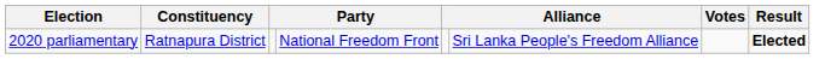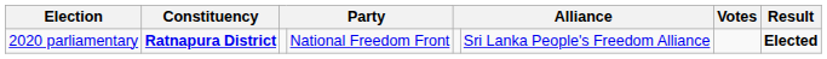 <table class="wikitable" style="text-align:left;">
 <tr>
 <th scope=col>Election</th>
 <th scope=col>Constituency</th>
 <th scope=col colspan="2">Party</th>
 <th scope=col colspan="2">Alliance</th>
 <th scope=col>Votes</th>
 <th scope=col>Result</th>
 </tr>
 <tr>
 <td><a href='#'>2020 parliamentary</a></td>
-<td><a href='#'>Ratnapura District</a></td>
+<td><strong><a href='#'>Ratnapura District</a></strong></td>
 <td style="background:"></td>
 <td><a href='#'>National Freedom Front</a></td>
 <td style="background:"></td>
 <td><a href='#'>Sri Lanka People's Freedom Alliance</a></td>
 <td align=right></td>
 <td><strong>Elected</strong></td>
 </tr>
 </table>
